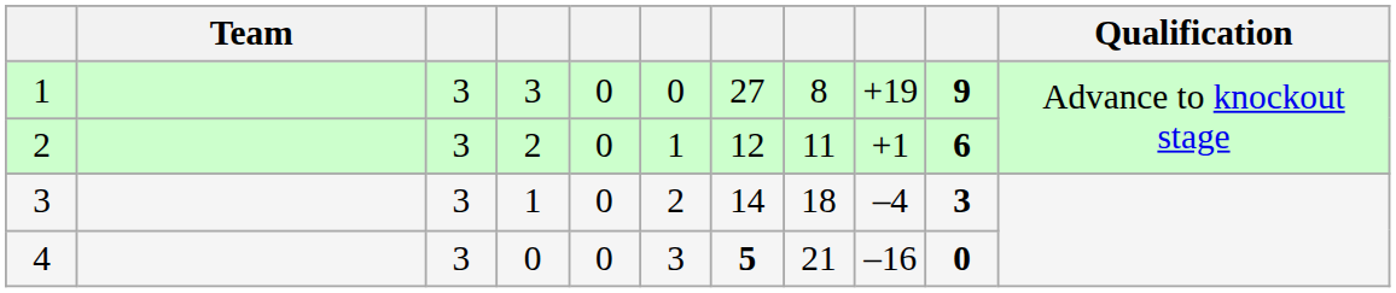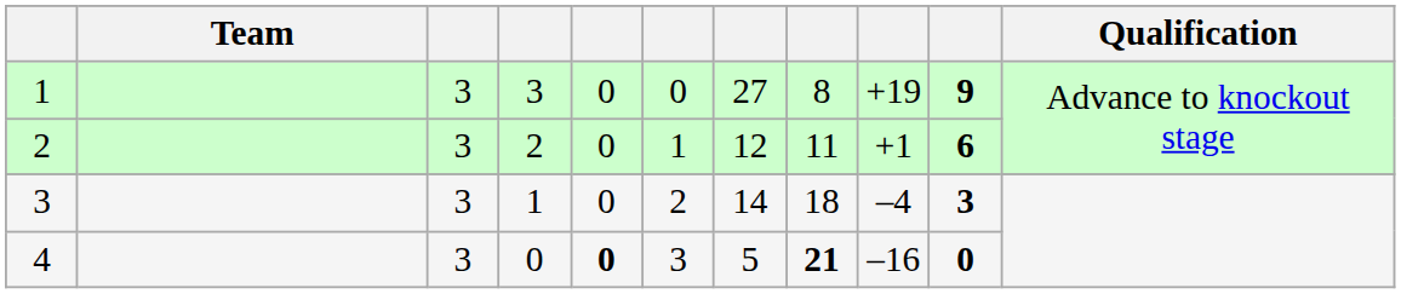 <table class="wikitable" style="text-align: center;">
 <tr>
 <th width="25"></th>
 <th width="150">Team</th>
 <th width="25"></th>
 <th width="25"></th>
 <th width="25"></th>
 <th width="25"></th>
 <th width="25"></th>
 <th width="25"></th>
 <th width="25"></th>
 <th width="25"></th>
 <th width="170">Qualification</th>
 </tr>
 <tr align=center style="background:#ccffcc;">
 <td>1</td>
 <td style="text-align:left;"></td>
 <td>3</td>
 <td>3</td>
 <td>0</td>
 <td>0</td>
 <td>27</td>
 <td>8</td>
 <td>+19</td>
 <td><strong>9</strong></td>
 <td rowspan="2">Advance to <a href='#'>knockout stage</a></td>
 </tr>
 <tr align=center style="background:#ccffcc;">
 <td>2</td>
 <td style="text-align:left;"></td>
 <td>3</td>
 <td>2</td>
 <td>0</td>
 <td>1</td>
 <td>12</td>
 <td>11</td>
 <td>+1</td>
 <td><strong>6</strong></td>
 </tr>
 <tr align=center style="background:#f5f5f5;">
 <td>3</td>
 <td style="text-align:left;"></td>
 <td>3</td>
 <td>1</td>
 <td>0</td>
 <td>2</td>
 <td>14</td>
 <td>18</td>
 <td>–4</td>
 <td><strong>3</strong></td>
 <td rowspan="2"></td>
 </tr>
 <tr align=center style="background:#f5f5f5;">
 <td>4</td>
 <td style="text-align:left;"></td>
 <td>3</td>
 <td>0</td>
-<td>0</td>
+<td><strong>0</strong></td>
 <td>3</td>
-<td><strong>5</strong></td>
-<td>21</td>
+<td>5</td>
+<td><strong>21</strong></td>
 <td>–16</td>
 <td><strong>0</strong></td>
 </tr>
 </table>
